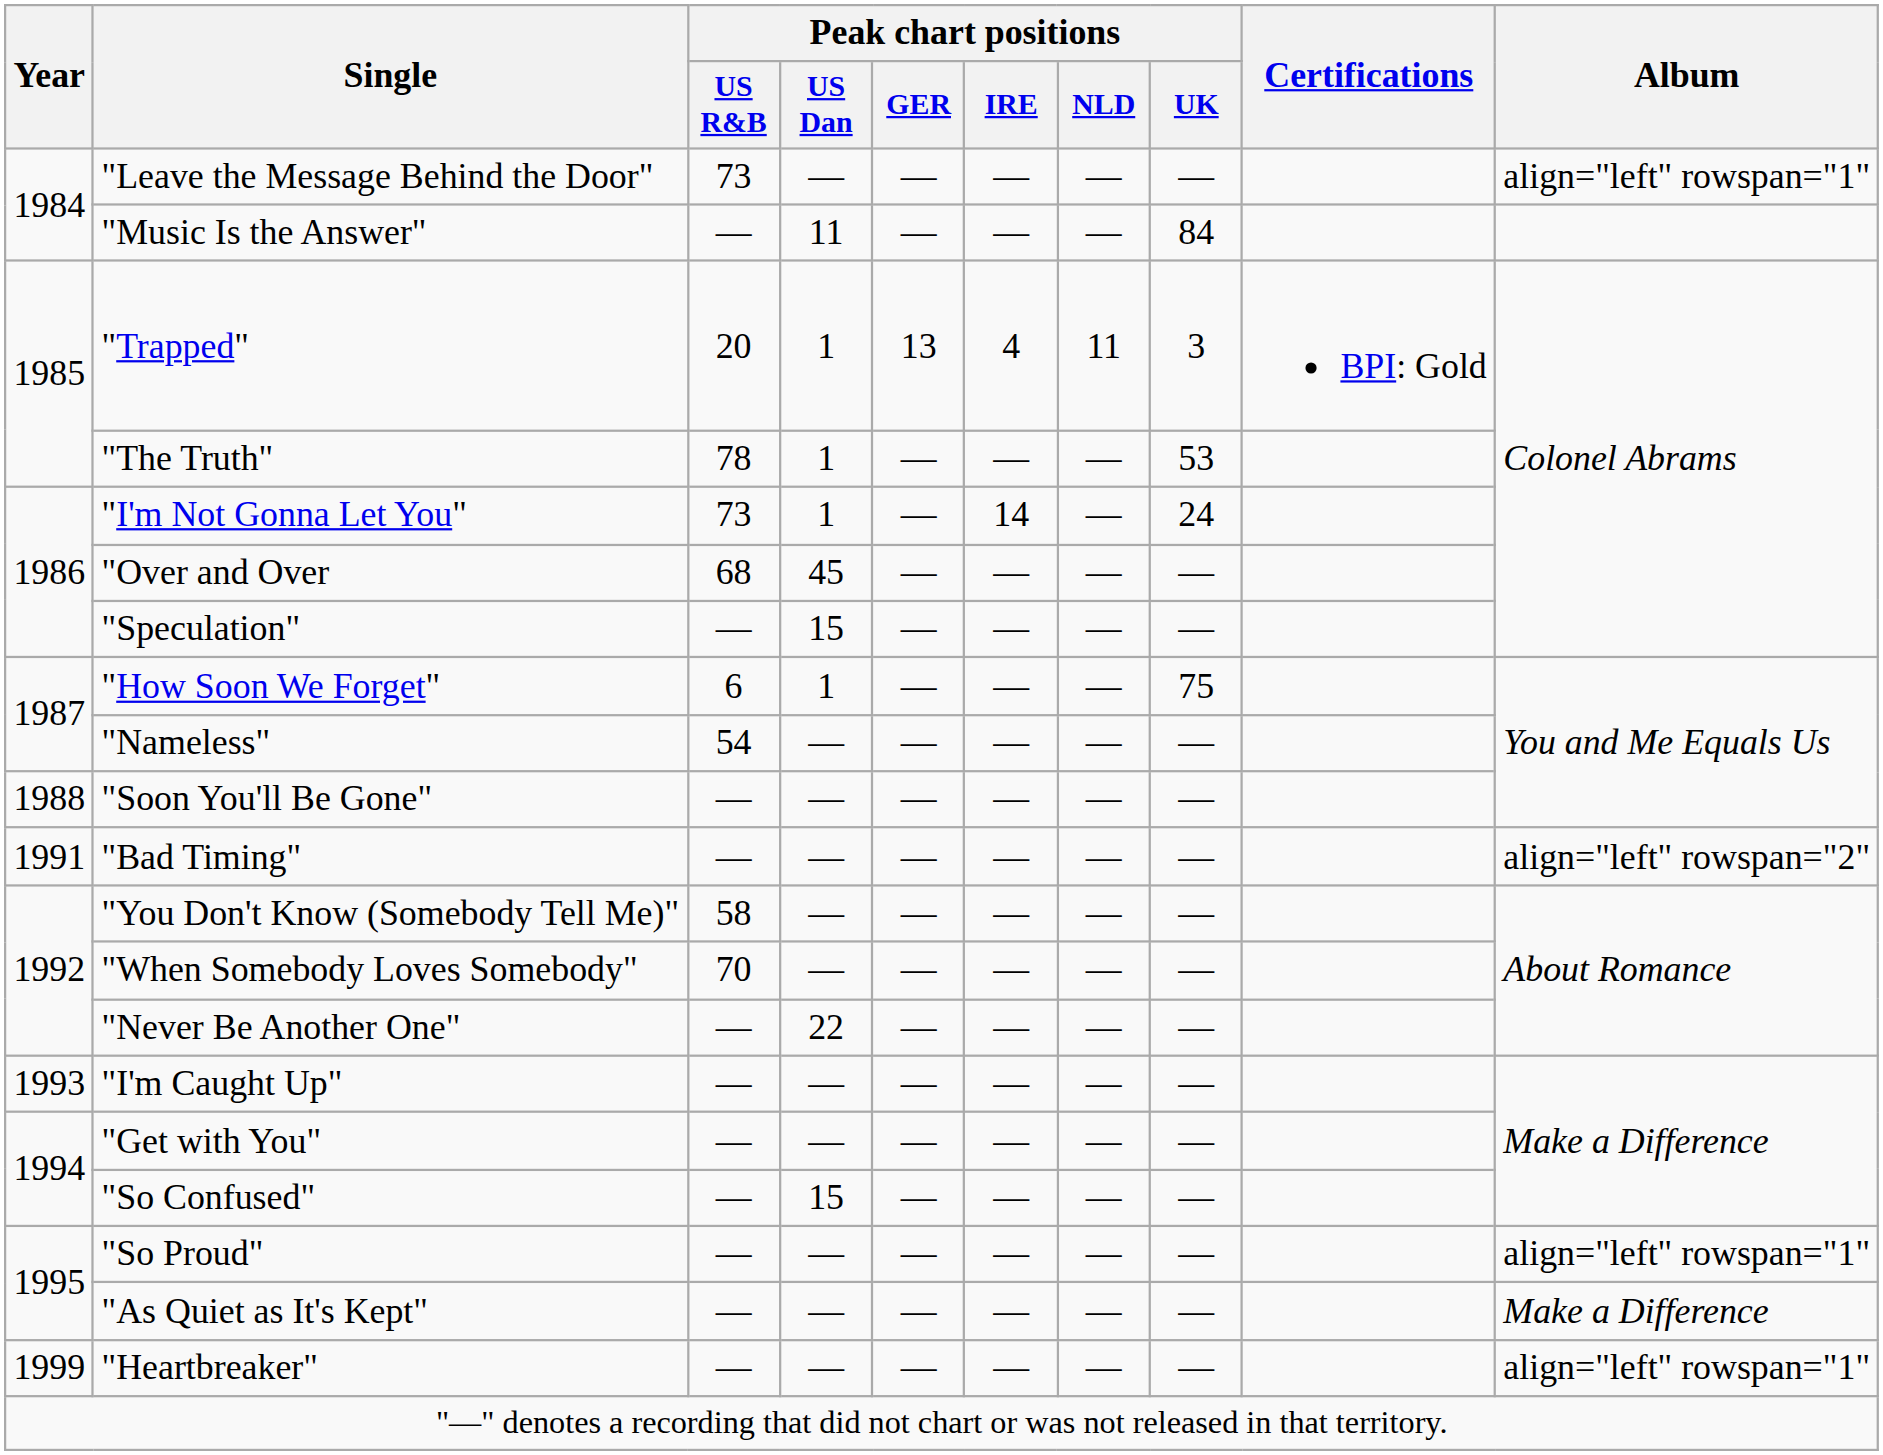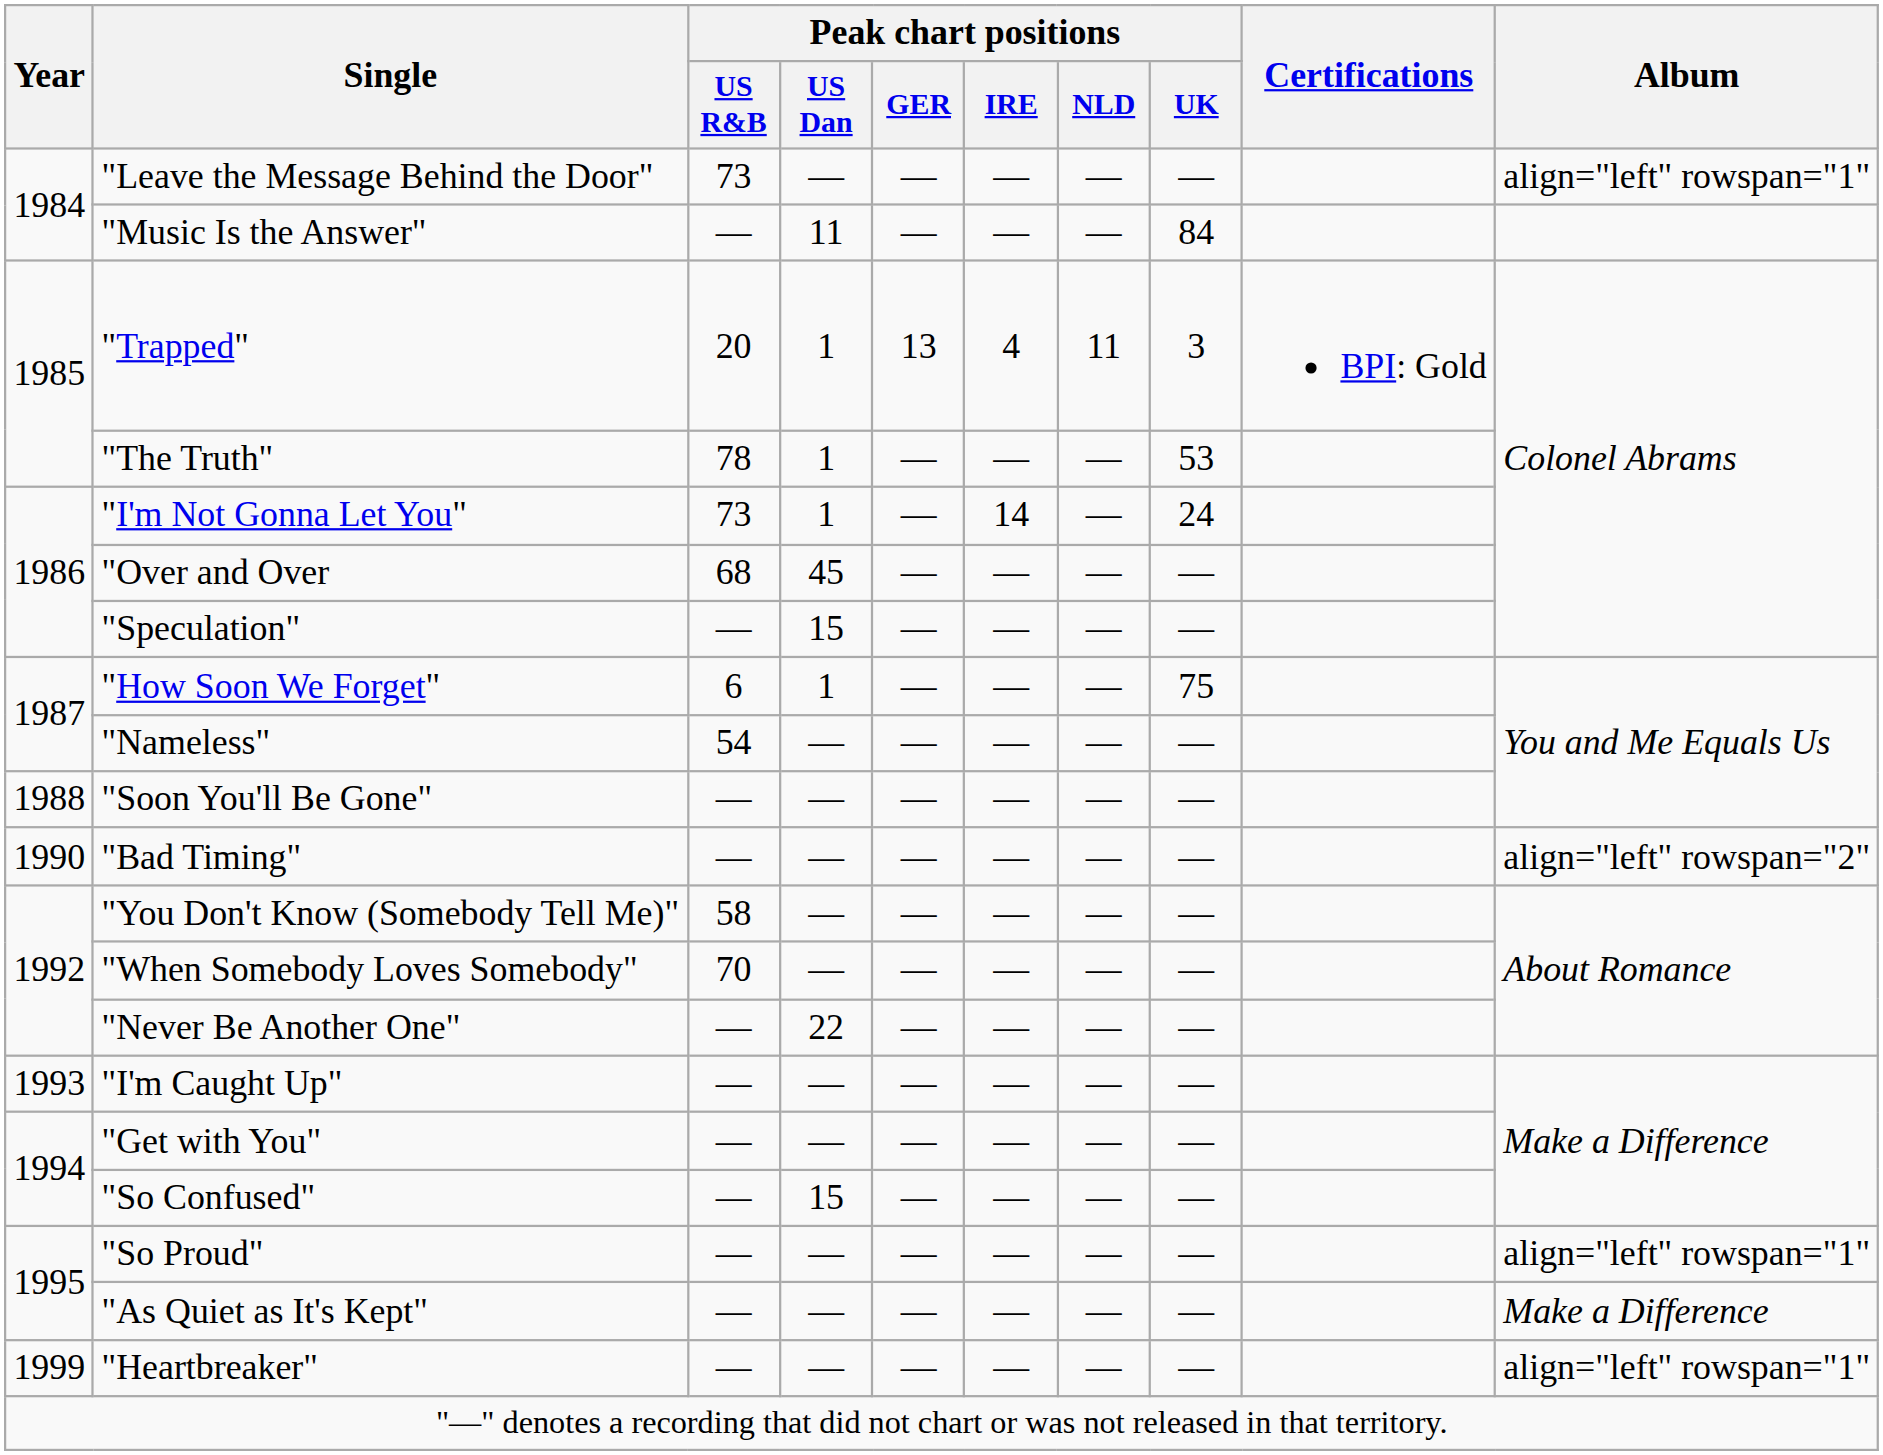 <table class="wikitable" style="text-align:center;">
 <tr>
 <th rowspan="2">Year</th>
 <th rowspan="2">Single</th>
 <th colspan="6">Peak chart positions</th>
 <th rowspan="2"><a href='#'>Certifications</a></th>
 <th rowspan="2">Album</th>
 </tr>
 <tr style="font-size:smaller;">
 <th width="35"><a href='#'>US<br>R&B</a><br></th>
 <th width="35"><a href='#'>US<br>Dan</a><br></th>
 <th width="35"><a href='#'>GER</a><br></th>
 <th width="35"><a href='#'>IRE</a><br></th>
 <th width="35"><a href='#'>NLD</a><br></th>
 <th width="35"><a href='#'>UK</a><br></th>
 </tr>
 <tr>
 <td rowspan="2">1984</td>
 <td align="left">"Leave the Message Behind the Door"</td>
 <td>73</td>
 <td>—</td>
 <td>—</td>
 <td>—</td>
 <td>—</td>
 <td>—</td>
 <td align=left></td>
 <td>align="left" rowspan="1" </td>
 </tr>
 <tr>
 <td align="left">"Music Is the Answer"</td>
 <td>—</td>
 <td>11</td>
 <td>—</td>
 <td>—</td>
 <td>—</td>
 <td>84</td>
 <td align=left></td>
 </tr>
 <tr>
 <td rowspan="2">1985</td>
 <td align="left">"<a href='#'>Trapped</a>"</td>
 <td>20</td>
 <td>1</td>
 <td>13</td>
 <td>4</td>
 <td>11</td>
 <td>3</td>
 <td align=left><br><ul><li><a href='#'>BPI</a>: Gold</li></ul></td>
 <td align="left" rowspan="5"><em>Colonel Abrams</em></td>
 </tr>
 <tr>
 <td align="left">"The Truth" </td>
 <td>78</td>
 <td>1</td>
 <td>—</td>
 <td>—</td>
 <td>—</td>
 <td>53</td>
 <td align=left></td>
 </tr>
 <tr>
 <td rowspan="3">1986</td>
 <td align="left">"<a href='#'>I'm Not Gonna Let You</a>"</td>
 <td>73</td>
 <td>1</td>
 <td>—</td>
 <td>14</td>
 <td>—</td>
 <td>24</td>
 <td align=left></td>
 </tr>
 <tr>
 <td align="left">"Over and Over</td>
 <td>68</td>
 <td>45</td>
 <td>—</td>
 <td>—</td>
 <td>—</td>
 <td>—</td>
 <td align=left></td>
 </tr>
 <tr>
 <td align="left">"Speculation"</td>
 <td>—</td>
 <td>15</td>
 <td>—</td>
 <td>—</td>
 <td>—</td>
 <td>—</td>
 <td align=left></td>
 </tr>
 <tr>
 <td rowspan="2">1987</td>
 <td align="left">"<a href='#'>How Soon We Forget</a>"</td>
 <td>6</td>
 <td>1</td>
 <td>—</td>
 <td>—</td>
 <td>—</td>
 <td>75</td>
 <td align=left></td>
 <td align="left" rowspan="3"><em>You and Me Equals Us</em></td>
 </tr>
 <tr>
 <td align="left">"Nameless"</td>
 <td>54</td>
 <td>—</td>
 <td>—</td>
 <td>—</td>
 <td>—</td>
 <td>—</td>
 <td align=left></td>
 </tr>
 <tr>
 <td rowspan="1">1988</td>
 <td align="left">"Soon You'll Be Gone"</td>
 <td>—</td>
 <td>—</td>
 <td>—</td>
 <td>—</td>
 <td>—</td>
 <td>—</td>
 <td align=left></td>
 </tr>
 <tr>
-<td rowspan="1">1991</td>
+<td rowspan="1">1990</td>
 <td align="left">"Bad Timing"</td>
 <td>—</td>
 <td>—</td>
 <td>—</td>
 <td>—</td>
 <td>—</td>
 <td>—</td>
 <td align=left></td>
 <td>align="left" rowspan="2" </td>
 </tr>
 <tr>
 <td rowspan="3">1992</td>
 <td align="left">"You Don't Know (Somebody Tell Me)"</td>
 <td>58</td>
 <td>—</td>
 <td>—</td>
 <td>—</td>
 <td>—</td>
 <td>—</td>
 <td align=left></td>
 <td align="left" rowspan="3"><em>About Romance</em></td>
 </tr>
 <tr>
 <td align="left">"When Somebody Loves Somebody"</td>
 <td>70</td>
 <td>—</td>
 <td>—</td>
 <td>—</td>
 <td>—</td>
 <td>—</td>
 <td align=left></td>
 </tr>
 <tr>
 <td align="left">"Never Be Another One"</td>
 <td>—</td>
 <td>22</td>
 <td>—</td>
 <td>—</td>
 <td>—</td>
 <td>—</td>
 <td align=left></td>
 </tr>
 <tr>
 <td rowspan="1">1993</td>
 <td align="left">"I'm Caught Up"</td>
 <td>—</td>
 <td>—</td>
 <td>—</td>
 <td>—</td>
 <td>—</td>
 <td>—</td>
 <td align=left></td>
 <td align="left" rowspan="3"><em>Make a Difference</em></td>
 </tr>
 <tr>
 <td rowspan="2">1994</td>
 <td align="left">"Get with You"</td>
 <td>—</td>
 <td>—</td>
 <td>—</td>
 <td>—</td>
 <td>—</td>
 <td>—</td>
 <td align=left></td>
 </tr>
 <tr>
 <td align="left">"So Confused"</td>
 <td>—</td>
 <td>15</td>
 <td>—</td>
 <td>—</td>
 <td>—</td>
 <td>—</td>
 <td align=left></td>
 </tr>
 <tr>
 <td rowspan="2">1995</td>
 <td align="left">"So Proud"</td>
 <td>—</td>
 <td>—</td>
 <td>—</td>
 <td>—</td>
 <td>—</td>
 <td>—</td>
 <td align=left></td>
 <td>align="left" rowspan="1" </td>
 </tr>
 <tr>
 <td align="left">"As Quiet as It's Kept"</td>
 <td>—</td>
 <td>—</td>
 <td>—</td>
 <td>—</td>
 <td>—</td>
 <td>—</td>
 <td align=left></td>
 <td align="left" rowspan="1"><em>Make a Difference</em></td>
 </tr>
 <tr>
 <td rowspan="1">1999</td>
 <td align="left">"Heartbreaker"</td>
 <td>—</td>
 <td>—</td>
 <td>—</td>
 <td>—</td>
 <td>—</td>
 <td>—</td>
 <td align=left></td>
 <td>align="left" rowspan="1" </td>
 </tr>
 <tr>
 <td colspan="15" style="font-size:90%">"—" denotes a recording that did not chart or was not released in that territory.</td>
 </tr>
 </table>
